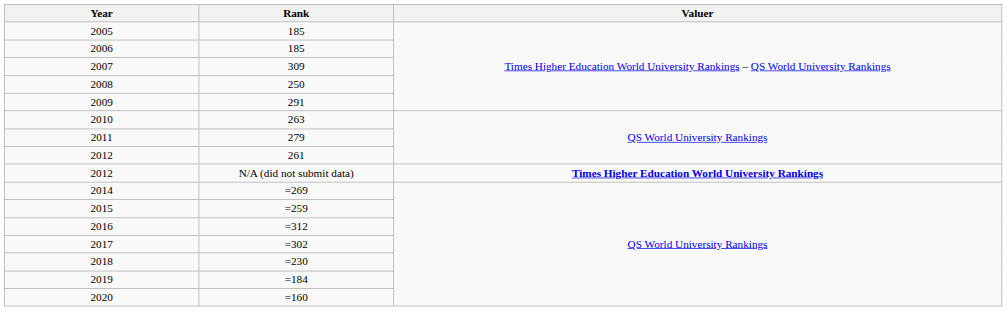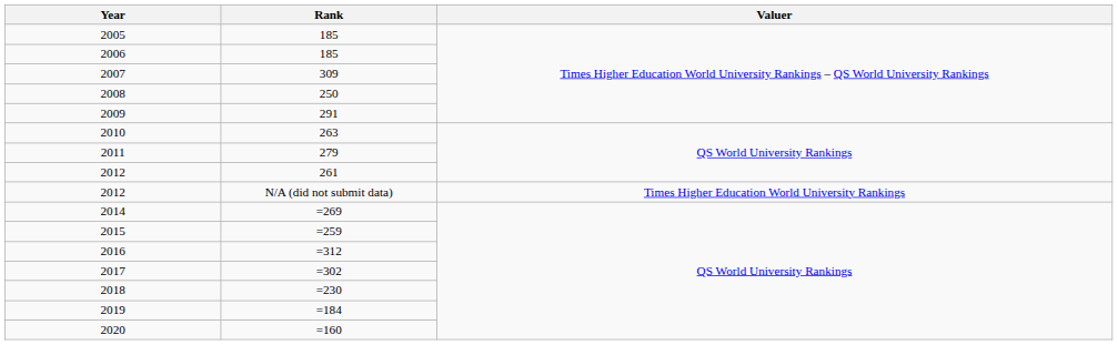 <table style="width:90%;" class="wikitable">
 <tr>
 <th style="width:8%;">Year</th>
 <th style="width:8%;">Rank</th>
 <th style="width:25%;">Valuer</th>
 </tr>
 <tr>
 <td style="text-align:center;">2005</td>
 <td style="text-align:center;">185</td>
 <td style="text-align:center;" rowspan="5"><a href='#'>Times Higher Education World University Rankings</a> – <a href='#'>QS World University Rankings</a></td>
 </tr>
 <tr>
 <td style="text-align:center;">2006</td>
 <td style="text-align:center;">185</td>
 </tr>
 <tr>
 <td style="text-align:center;">2007</td>
 <td style="text-align:center;">309</td>
 </tr>
 <tr>
 <td style="text-align:center;">2008</td>
 <td style="text-align:center;">250</td>
 </tr>
 <tr>
 <td style="text-align:center;">2009</td>
 <td style="text-align:center;">291</td>
 </tr>
 <tr>
 <td style="text-align:center;">2010</td>
 <td style="text-align:center;">263</td>
 <td style="text-align:center;" rowspan="3"><a href='#'>QS World University Rankings</a></td>
 </tr>
 <tr>
 <td style="text-align:center;">2011</td>
 <td style="text-align:center;">279</td>
 </tr>
 <tr>
 <td style="text-align:center;">2012</td>
 <td style="text-align:center;">261</td>
 </tr>
 <tr>
 <td style="text-align:center;">2012</td>
 <td style="text-align:center;">N/A (did not submit data) </td>
-<td style="text-align:center;"><strong><a href='#'>Times Higher Education World University Rankings</a></strong></td>
+<td style="text-align:center;"><a href='#'>Times Higher Education World University Rankings</a></td>
 </tr>
 <tr>
 <td style="text-align:center;">2014</td>
 <td style="text-align:center;">=269</td>
 <td style="text-align:center;" rowspan="7"><a href='#'>QS World University Rankings</a></td>
 </tr>
 <tr>
 <td style="text-align:center;">2015</td>
 <td style="text-align:center;">=259</td>
 </tr>
 <tr>
 <td style="text-align:center;">2016</td>
 <td style="text-align:center;">=312</td>
 </tr>
 <tr>
 <td style="text-align:center;">2017</td>
 <td style="text-align:center;">=302</td>
 </tr>
 <tr>
 <td style="text-align:center;">2018</td>
 <td style="text-align:center;">=230</td>
 </tr>
 <tr>
 <td style="text-align:center;">2019</td>
 <td style="text-align:center;">=184</td>
 </tr>
 <tr>
 <td style="text-align:center;">2020</td>
 <td style="text-align:center;">=160</td>
 </tr>
 </table>
